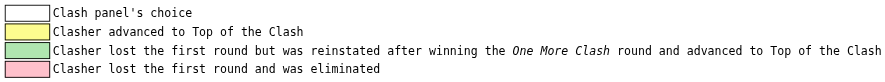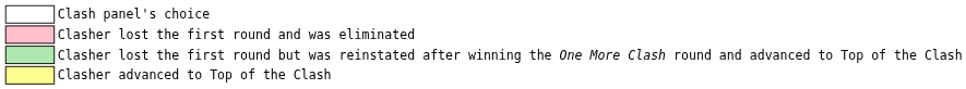 <table class="toccolours" style="white-space: nowrap;">
 <tr>
 <td style="background:white; border: 1px solid black;"> <strong></strong> </td>
 <td>Clash panel's choice</td>
 </tr>
 <tr>
-<td style="background:#fdfc8f; border: 1px solid black">    </td>
-<td>Clasher advanced to Top of the Clash</td>
+<td style="background:pink; border:1px solid black;">      </td>
+<td>Clasher lost the first round and was eliminated</td>
 </tr>
 <tr>
 <td style="background:#b0e6b0; border:1px solid black;">      </td>
 <td>Clasher lost the first round but was reinstated after winning the <em>One More Clash</em> round and advanced to Top of the Clash</td>
 </tr>
 <tr>
-<td style="background:pink; border:1px solid black;">      </td>
-<td>Clasher lost the first round and was eliminated</td>
+<td style="background:#fdfc8f; border: 1px solid black">    </td>
+<td>Clasher advanced to Top of the Clash</td>
 </tr>
 </table>
